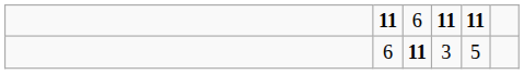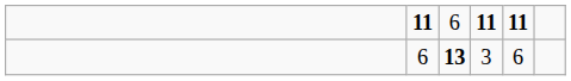 <table class="wikitable">
 <tr>
 <td style="width:18em"></td>
 <td align=center style="width:1em"><strong>11</strong></td>
 <td align=center style="width:1em">6</td>
 <td align=center style="width:1em"><strong>11</strong></td>
 <td align=center style="width:1em"><strong>11</strong></td>
 <td align=center style="width:1em"></td>
 </tr>
 <tr>
 <td style="width:18em"></td>
 <td align=center style="width:1em">6</td>
-<td align=center style="width:1em"><strong>11</strong></td>
+<td align=center style="width:1em"><strong>13</strong></td>
 <td align=center style="width:1em">3</td>
-<td align=center style="width:1em">5</td>
+<td align=center style="width:1em">6</td>
 <td align=center style="width:1em"></td>
 </tr>
 </table>
